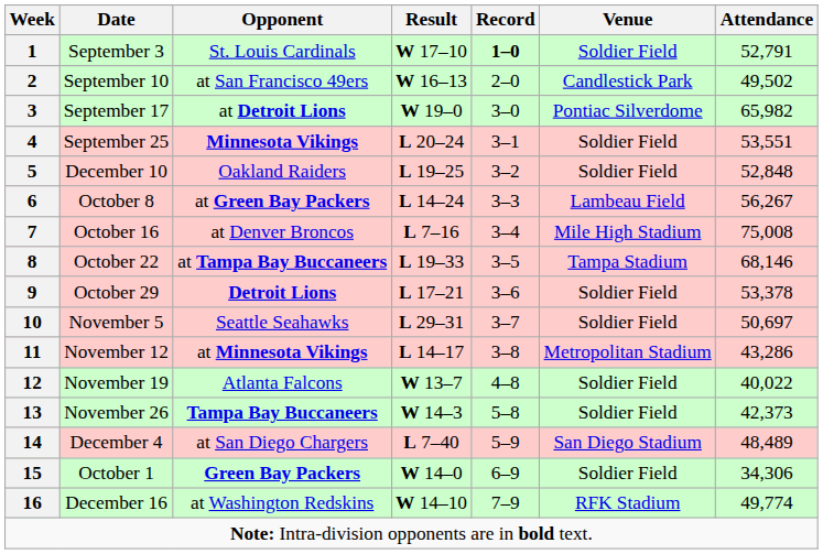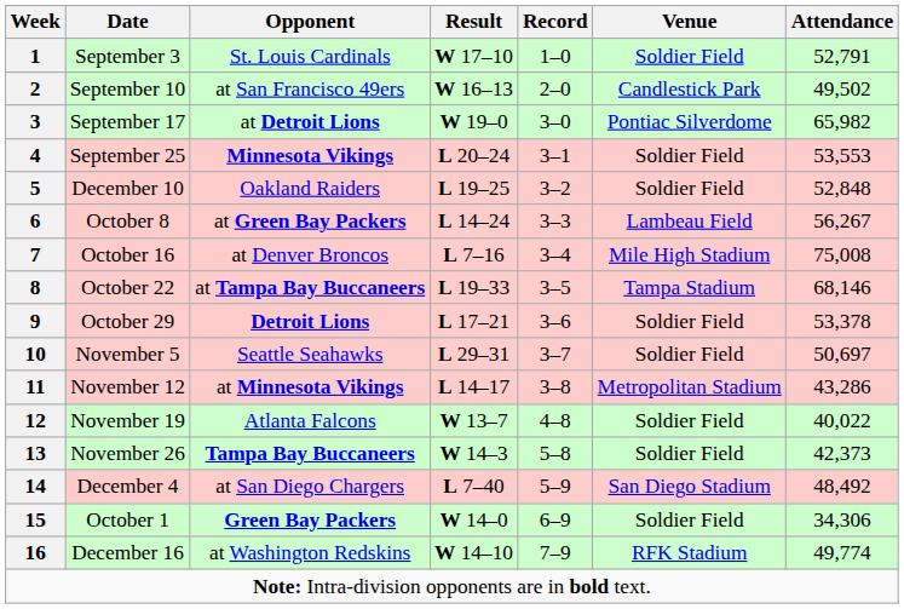 <table class="wikitable" style="text-align:center">
 <tr>
 <th>Week</th>
 <th>Date</th>
 <th>Opponent</th>
 <th>Result</th>
 <th>Record</th>
 <th>Venue</th>
 <th>Attendance</th>
 </tr>
 <tr style="background:#cfc">
 <th>1</th>
 <td>September 3</td>
 <td><a href='#'>St. Louis Cardinals</a></td>
 <td><strong>W</strong> 17–10</td>
-<td><strong>1–0</strong></td>
+<td>1–0</td>
 <td><a href='#'>Soldier Field</a></td>
 <td>52,791</td>
 </tr>
 <tr style="background:#cfc">
 <th>2</th>
 <td>September 10</td>
 <td>at <a href='#'>San Francisco 49ers</a></td>
 <td><strong>W</strong> 16–13</td>
 <td>2–0</td>
 <td><a href='#'>Candlestick Park</a></td>
 <td>49,502</td>
 </tr>
 <tr style="background:#cfc">
 <th>3</th>
 <td>September 17</td>
 <td>at <strong><a href='#'>Detroit Lions</a></strong></td>
 <td><strong>W</strong> 19–0</td>
 <td>3–0</td>
 <td><a href='#'>Pontiac Silverdome</a></td>
 <td>65,982</td>
 </tr>
 <tr style="background:#fcc">
 <th>4</th>
 <td>September 25</td>
 <td><strong><a href='#'>Minnesota Vikings</a></strong></td>
 <td><strong>L</strong> 20–24</td>
 <td>3–1</td>
 <td>Soldier Field</td>
-<td>53,551</td>
+<td>53,553</td>
 </tr>
 <tr style="background:#fcc">
 <th>5</th>
 <td>December 10</td>
 <td><a href='#'>Oakland Raiders</a></td>
 <td><strong>L</strong> 19–25</td>
 <td>3–2</td>
 <td>Soldier Field</td>
 <td>52,848</td>
 </tr>
 <tr style="background:#fcc">
 <th>6</th>
 <td>October 8</td>
 <td>at <strong><a href='#'>Green Bay Packers</a></strong></td>
 <td><strong>L</strong> 14–24</td>
 <td>3–3</td>
 <td><a href='#'>Lambeau Field</a></td>
 <td>56,267</td>
 </tr>
 <tr style="background:#fcc">
 <th>7</th>
 <td>October 16</td>
 <td>at <a href='#'>Denver Broncos</a></td>
 <td><strong>L</strong> 7–16</td>
 <td>3–4</td>
 <td><a href='#'>Mile High Stadium</a></td>
 <td>75,008</td>
 </tr>
 <tr style="background:#fcc">
 <th>8</th>
 <td>October 22</td>
 <td>at <strong><a href='#'>Tampa Bay Buccaneers</a></strong></td>
 <td><strong>L</strong> 19–33</td>
 <td>3–5</td>
 <td><a href='#'>Tampa Stadium</a></td>
 <td>68,146</td>
 </tr>
 <tr style="background:#fcc">
 <th>9</th>
 <td>October 29</td>
 <td><strong><a href='#'>Detroit Lions</a></strong></td>
 <td><strong>L</strong> 17–21</td>
 <td>3–6</td>
 <td>Soldier Field</td>
 <td>53,378</td>
 </tr>
 <tr style="background:#fcc">
 <th>10</th>
 <td>November 5</td>
 <td><a href='#'>Seattle Seahawks</a></td>
 <td><strong>L</strong> 29–31</td>
 <td>3–7</td>
 <td>Soldier Field</td>
 <td>50,697</td>
 </tr>
 <tr style="background:#fcc">
 <th>11</th>
 <td>November 12</td>
 <td>at <strong><a href='#'>Minnesota Vikings</a></strong></td>
 <td><strong>L</strong> 14–17</td>
 <td>3–8</td>
 <td><a href='#'>Metropolitan Stadium</a></td>
 <td>43,286</td>
 </tr>
 <tr style="background:#cfc">
 <th>12</th>
 <td>November 19</td>
 <td><a href='#'>Atlanta Falcons</a></td>
 <td><strong>W</strong> 13–7</td>
 <td>4–8</td>
 <td>Soldier Field</td>
 <td>40,022</td>
 </tr>
 <tr style="background:#cfc">
 <th>13</th>
 <td>November 26</td>
 <td><strong><a href='#'>Tampa Bay Buccaneers</a></strong></td>
 <td><strong>W</strong> 14–3</td>
 <td>5–8</td>
 <td>Soldier Field</td>
 <td>42,373</td>
 </tr>
 <tr style="background:#fcc">
 <th>14</th>
 <td>December 4</td>
 <td>at <a href='#'>San Diego Chargers</a></td>
 <td><strong>L</strong> 7–40</td>
 <td>5–9</td>
 <td><a href='#'>San Diego Stadium</a></td>
-<td>48,489</td>
+<td>48,492</td>
 </tr>
 <tr style="background:#cfc">
 <th>15</th>
 <td>October 1</td>
 <td><strong><a href='#'>Green Bay Packers</a></strong></td>
 <td><strong>W</strong> 14–0</td>
 <td>6–9</td>
 <td>Soldier Field</td>
 <td>34,306</td>
 </tr>
 <tr style="background:#cfc">
 <th>16</th>
 <td>December 16</td>
 <td>at <a href='#'>Washington Redskins</a></td>
 <td><strong>W</strong> 14–10</td>
 <td>7–9</td>
 <td><a href='#'>RFK Stadium</a></td>
 <td>49,774</td>
 </tr>
 <tr>
 <td colspan="8"><strong>Note:</strong> Intra-division opponents are in <strong>bold</strong> text.</td>
 </tr>
 </table>
